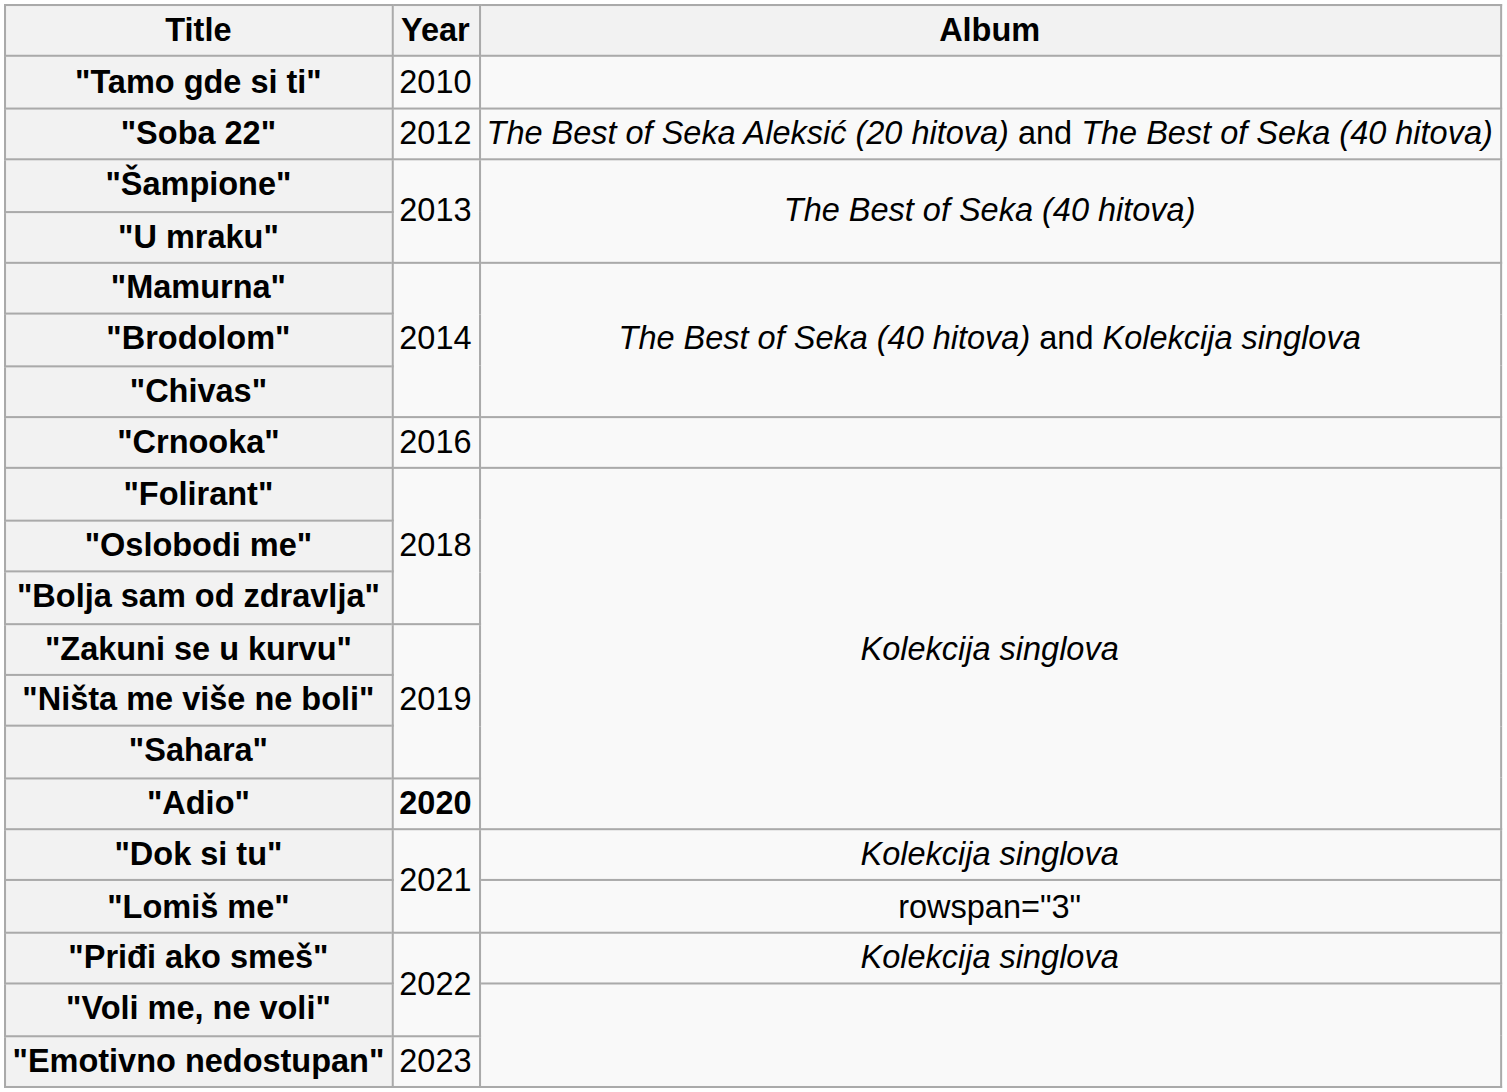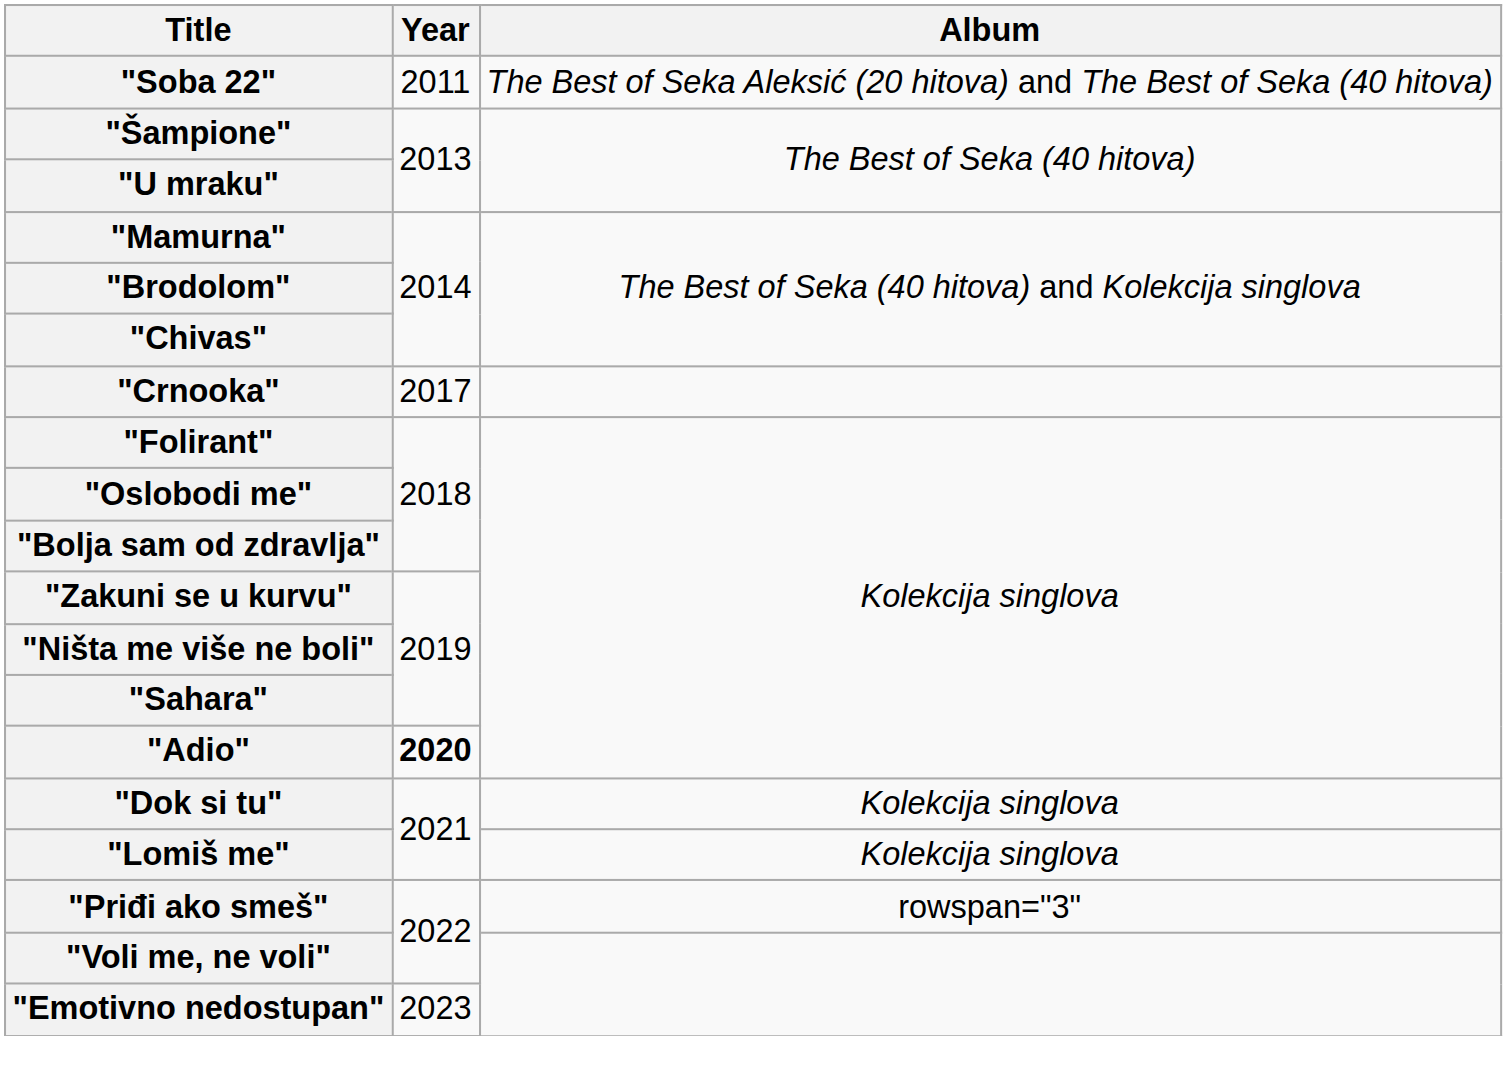 <table class="wikitable plainrowheaders" style="text-align:center;">
 <tr>
 <th scope="col">Title</th>
 <th scope="col">Year</th>
 <th scope="col">Album</th>
 </tr>
 <tr>
-<th scope="row">"Tamo gde si ti"</th>
-<td>2010</td>
-<td></td>
-</tr>
-<tr>
 <th scope="row">"Soba 22"</th>
-<td>2012</td>
+<td>2011</td>
 <td><em>The Best of Seka Aleksić (20 hitova)</em> and <em>The Best of Seka (40 hitova)</em></td>
 </tr>
 <tr>
 <th scope="row">"Šampione"</th>
 <td rowspan="2">2013</td>
 <td rowspan="2"><em>The Best of Seka (40 hitova)</em></td>
 </tr>
 <tr>
 <th scope="row">"U mraku"</th>
 </tr>
 <tr>
 <th scope="row">"Mamurna"</th>
 <td rowspan="3">2014</td>
 <td rowspan="3"><em>The Best of Seka (40 hitova)</em> and <em>Kolekcija singlova</em></td>
 </tr>
 <tr>
 <th scope="row">"Brodolom"<br></th>
 </tr>
 <tr>
 <th scope="row">"Chivas"</th>
 </tr>
 <tr>
 <th scope="row">"Crnooka"</th>
-<td>2016</td>
+<td>2017</td>
 <td></td>
 </tr>
 <tr>
 <th scope="row">"Folirant"</th>
 <td rowspan="3">2018</td>
 <td rowspan="7"><em>Kolekcija singlova</em></td>
 </tr>
 <tr>
 <th scope="row">"Oslobodi me"</th>
 </tr>
 <tr>
 <th scope="row">"Bolja sam od zdravlja"</th>
 </tr>
 <tr>
 <th scope="row">"Zakuni se u kurvu"</th>
 <td rowspan="3">2019</td>
 </tr>
 <tr>
 <th scope="row">"Ništa me više ne boli"</th>
 </tr>
 <tr>
 <th scope="row">"Sahara"</th>
 </tr>
 <tr>
 <th scope="row">"Adio"</th>
 <td><strong>2020</strong></td>
 </tr>
 <tr>
 <th scope="row">"Dok si tu"</th>
 <td rowspan="2">2021</td>
 <td><em>Kolekcija singlova</em></td>
 </tr>
 <tr>
 <th scope="row">"Lomiš me"</th>
-<td>rowspan="3" </td>
+<td><em>Kolekcija singlova</em></td>
 </tr>
 <tr>
 <th scope="row">"Priđi ako smeš"</th>
 <td rowspan="2">2022</td>
-<td><em>Kolekcija singlova</em></td>
+<td>rowspan="3" </td>
 </tr>
 <tr>
 <th scope="row">"Voli me, ne voli"</th>
 </tr>
 <tr>
 <th scope="row">"Emotivno nedostupan"</th>
 <td>2023</td>
 </tr>
 <tr>
 </tr>
 </table>
